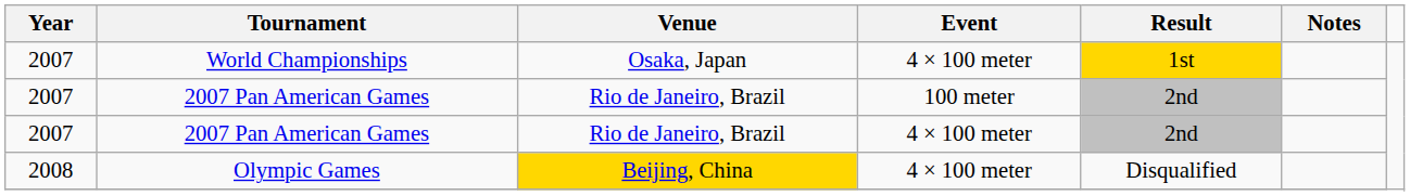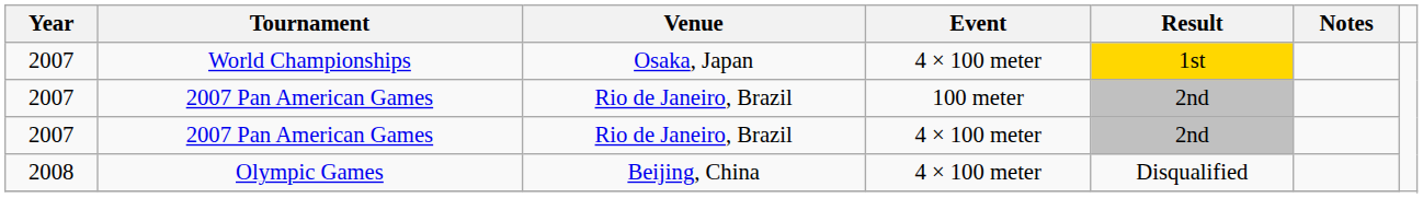 <table class="wikitable" style=" text-align:center; font-size:95%;" width="75%">
 <tr>
 <th>Year</th>
 <th>Tournament</th>
 <th>Venue</th>
 <th>Event</th>
 <th>Result</th>
 <th>Notes</th>
 <td></td>
 </tr>
 <tr>
 <td>2007</td>
 <td><a href='#'>World Championships</a></td>
 <td><a href='#'>Osaka</a>, Japan</td>
 <td>4 × 100 meter</td>
 <td bgcolor=gold>1st</td>
 <td></td>
 </tr>
 <tr>
 <td>2007</td>
 <td><a href='#'>2007 Pan American Games</a></td>
 <td><a href='#'>Rio de Janeiro</a>, Brazil</td>
 <td>100 meter</td>
 <td bgcolor=silver>2nd</td>
 <td></td>
 </tr>
 <tr>
 <td>2007</td>
 <td><a href='#'>2007 Pan American Games</a></td>
 <td><a href='#'>Rio de Janeiro</a>, Brazil</td>
 <td>4 × 100 meter</td>
 <td bgcolor=silver>2nd</td>
 <td></td>
 </tr>
 <tr>
 <td>2008</td>
 <td><a href='#'>Olympic Games</a></td>
-<td style="background: gold;"><a href='#'>Beijing</a>, China</td>
+<td><a href='#'>Beijing</a>, China</td>
 <td>4 × 100 meter</td>
 <td>Disqualified</td>
 <td></td>
 </tr>
 <tr>
 </tr>
 </table>
